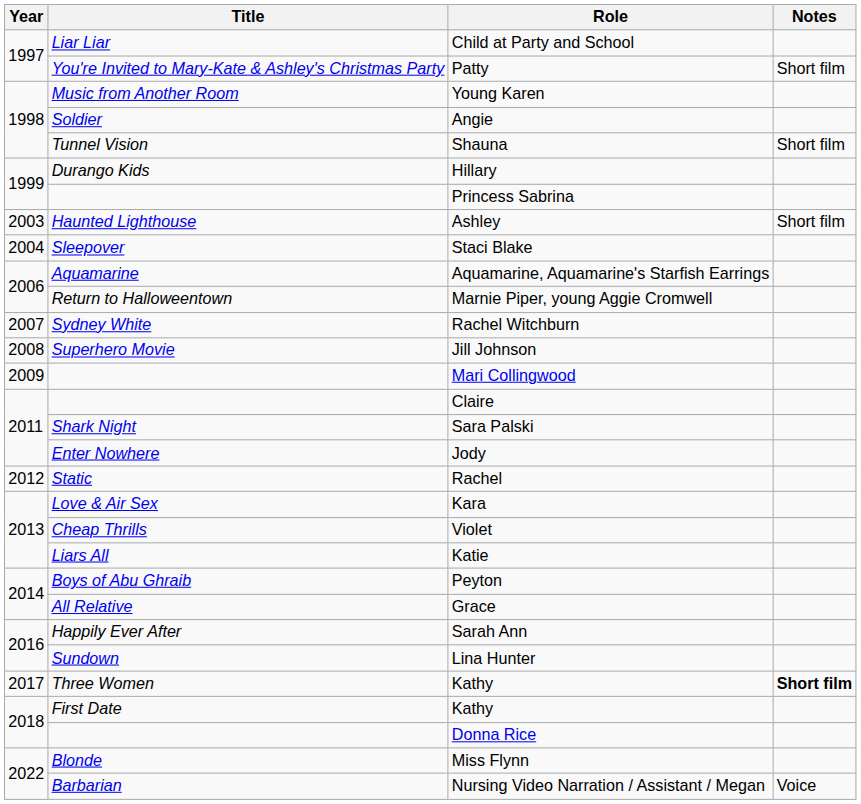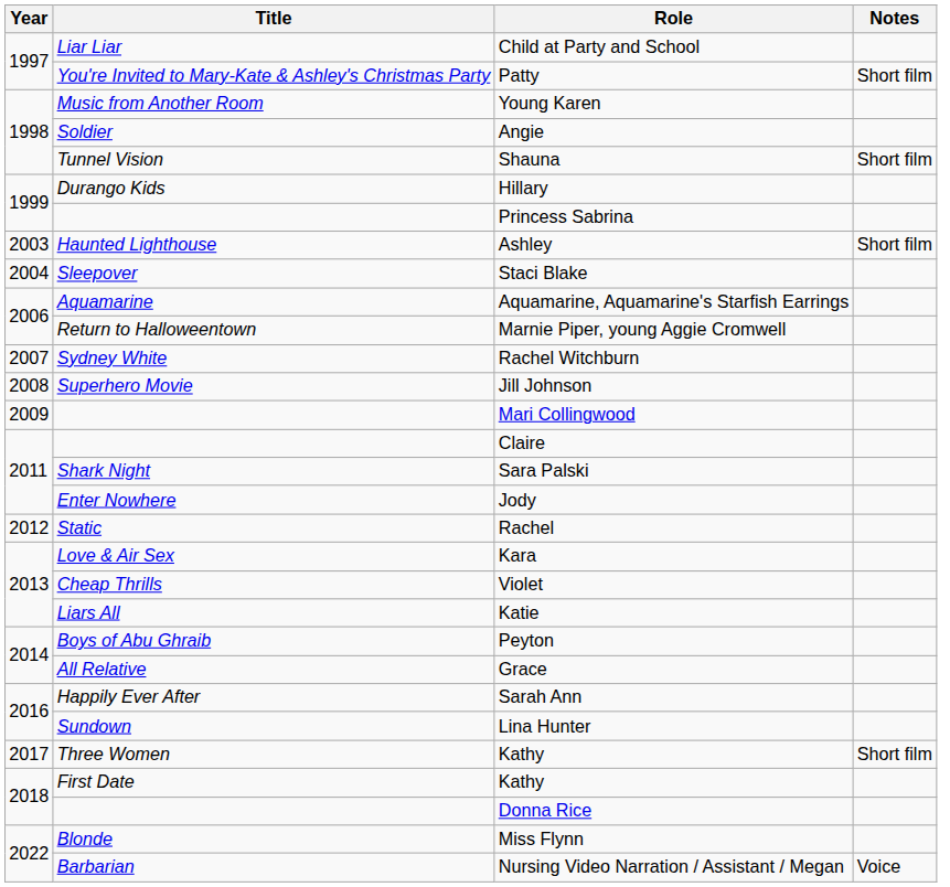 <table class="wikitable sortable">
 <tr>
 <th>Year</th>
 <th>Title</th>
 <th>Role</th>
 <th class="unsortable">Notes</th>
 </tr>
 <tr>
 <td scope="row" rowspan="2">1997</td>
 <td><em><a href='#'>Liar Liar</a></em></td>
 <td>Child at Party and School</td>
 <td></td>
 </tr>
 <tr>
 <td><em><a href='#'>You're Invited to Mary-Kate & Ashley's Christmas Party</a></em></td>
 <td>Patty</td>
 <td>Short film</td>
 </tr>
 <tr>
 <td scope="row" rowspan="3">1998</td>
 <td><em><a href='#'>Music from Another Room</a></em></td>
 <td>Young Karen</td>
 <td></td>
 </tr>
 <tr>
 <td><em><a href='#'>Soldier</a></em></td>
 <td>Angie</td>
 <td></td>
 </tr>
 <tr>
 <td><em>Tunnel Vision</em></td>
 <td>Shauna</td>
 <td>Short film</td>
 </tr>
 <tr>
 <td rowspan="2" scope="row">1999</td>
 <td><em>Durango Kids</em></td>
 <td>Hillary</td>
 <td></td>
 </tr>
 <tr>
 <td><em></em></td>
 <td>Princess Sabrina</td>
 <td></td>
 </tr>
 <tr>
 <td scope="row">2003</td>
 <td><em><a href='#'>Haunted Lighthouse</a></em></td>
 <td>Ashley</td>
 <td>Short film</td>
 </tr>
 <tr>
 <td scope="row">2004</td>
 <td><em><a href='#'>Sleepover</a></em></td>
 <td>Staci Blake</td>
 <td></td>
 </tr>
 <tr>
 <td rowspan="2" scope="row">2006</td>
 <td><em><a href='#'>Aquamarine</a></em></td>
 <td>Aquamarine, Aquamarine's Starfish Earrings</td>
 <td></td>
 </tr>
 <tr>
 <td><em>Return to Halloweentown</em></td>
 <td>Marnie Piper, young Aggie Cromwell</td>
 <td></td>
 </tr>
 <tr>
 <td scope="row">2007</td>
 <td><em><a href='#'>Sydney White</a></em></td>
 <td>Rachel Witchburn</td>
 <td></td>
 </tr>
 <tr>
 <td scope="row">2008</td>
 <td><em><a href='#'>Superhero Movie</a></em></td>
 <td>Jill Johnson</td>
 <td></td>
 </tr>
 <tr>
 <td scope="row">2009</td>
 <td><em></em></td>
 <td><a href='#'>Mari Collingwood</a></td>
 <td></td>
 </tr>
 <tr>
 <td scope="row" rowspan="3">2011</td>
 <td><em></em></td>
 <td>Claire</td>
 <td></td>
 </tr>
 <tr>
 <td><em><a href='#'>Shark Night</a></em></td>
 <td>Sara Palski</td>
 <td></td>
 </tr>
 <tr>
 <td><em><a href='#'>Enter Nowhere</a></em></td>
 <td>Jody</td>
 <td></td>
 </tr>
 <tr>
 <td scope="row">2012</td>
 <td><em><a href='#'>Static</a></em></td>
 <td>Rachel</td>
 <td></td>
 </tr>
 <tr>
 <td scope="row" rowspan="3">2013</td>
 <td><em><a href='#'>Love & Air Sex</a></em></td>
 <td>Kara</td>
 <td></td>
 </tr>
 <tr>
 <td><em><a href='#'>Cheap Thrills</a></em></td>
 <td>Violet</td>
 <td></td>
 </tr>
 <tr>
 <td><em><a href='#'>Liars All</a></em></td>
 <td>Katie</td>
 <td></td>
 </tr>
 <tr>
 <td scope="row" rowspan="2">2014</td>
 <td><em><a href='#'>Boys of Abu Ghraib</a></em></td>
 <td>Peyton</td>
 <td></td>
 </tr>
 <tr>
 <td><em><a href='#'>All Relative</a></em></td>
 <td>Grace</td>
 <td></td>
 </tr>
 <tr>
 <td scope="row" rowspan="2">2016</td>
 <td><em>Happily Ever After</em></td>
 <td>Sarah Ann</td>
 <td></td>
 </tr>
 <tr>
 <td><em><a href='#'>Sundown</a></em></td>
 <td>Lina Hunter</td>
 <td></td>
 </tr>
 <tr>
 <td scope="row">2017</td>
 <td><em>Three Women</em></td>
 <td>Kathy</td>
-<td><strong>Short film</strong></td>
+<td>Short film</td>
 </tr>
 <tr>
 <td scope="row" rowspan="2">2018</td>
 <td><em>First Date</em></td>
 <td>Kathy</td>
 <td></td>
 </tr>
 <tr>
 <td><em></em></td>
 <td><a href='#'>Donna Rice</a></td>
 <td></td>
 </tr>
 <tr>
 <td scope="row" rowspan="2">2022</td>
 <td><em><a href='#'>Blonde</a></em></td>
 <td>Miss Flynn</td>
 <td></td>
 </tr>
 <tr>
 <td><em><a href='#'>Barbarian</a></em></td>
 <td>Nursing Video Narration / Assistant / Megan</td>
 <td>Voice</td>
 </tr>
 </table>
